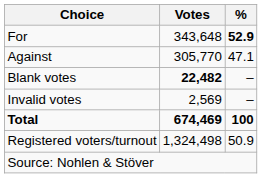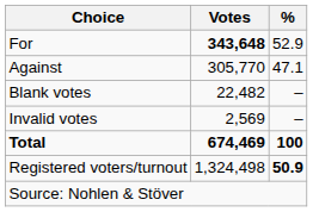 <table class=wikitable style=text-align:right>
 <tr>
 <th>Choice</th>
 <th>Votes</th>
 <th>%</th>
 </tr>
 <tr>
 <td align=left>For</td>
-<td>343,648</td>
-<td><strong>52.9</strong></td>
+<td><strong>343,648</strong></td>
+<td>52.9</td>
 </tr>
 <tr>
 <td align=left>Against</td>
 <td>305,770</td>
 <td>47.1</td>
 </tr>
 <tr>
 <td align=left>Blank votes</td>
-<td><strong>22,482</strong></td>
+<td>22,482</td>
 <td>–</td>
 </tr>
 <tr>
 <td align=left>Invalid votes</td>
 <td>2,569</td>
 <td>–</td>
 </tr>
 <tr>
 <td align=left><strong>Total</strong></td>
 <td><strong>674,469</strong></td>
 <td><strong>100</strong></td>
 </tr>
 <tr>
 <td align=left>Registered voters/turnout</td>
 <td>1,324,498</td>
-<td>50.9</td>
+<td><strong>50.9</strong></td>
 </tr>
 <tr>
 <td align=left colspan=3>Source: Nohlen & Stöver</td>
 </tr>
 </table>
